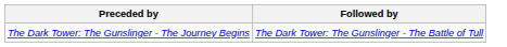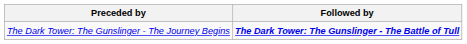 <table class="wikitable">
 <tr>
 <th><small><strong>Preceded by</strong></small></th>
 <th><small><strong>Followed by</strong></small></th>
 </tr>
 <tr>
 <td><small><em><a href='#'>The Dark Tower: The Gunslinger - The Journey Begins</a></em></small></td>
-<td><small><em><a href='#'>The Dark Tower: The Gunslinger - The Battle of Tull</a></em></small></td>
+<td><strong><small><em><a href='#'>The Dark Tower: The Gunslinger - The Battle of Tull</a></em></small></strong></td>
 </tr>
 </table>
